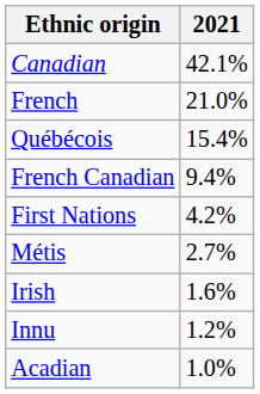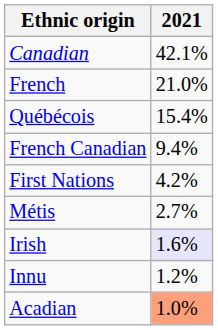 <table class="wikitable" style="float:left;">
 <tr>
 <th>Ethnic origin</th>
 <th>2021</th>
 </tr>
 <tr>
 <td><em><a href='#'>Canadian</a></em></td>
 <td>42.1%</td>
 </tr>
 <tr>
 <td><a href='#'>French</a></td>
 <td>21.0%</td>
 </tr>
 <tr>
 <td><a href='#'>Québécois</a></td>
 <td>15.4%</td>
 </tr>
 <tr>
 <td><a href='#'>French Canadian</a></td>
 <td>9.4%</td>
 </tr>
 <tr>
 <td><a href='#'>First Nations</a></td>
 <td>4.2%</td>
 </tr>
 <tr>
 <td><a href='#'>Métis</a></td>
 <td>2.7%</td>
 </tr>
 <tr>
 <td><a href='#'>Irish</a></td>
-<td>1.6%</td>
+<td style="background: lavender;">1.6%</td>
 </tr>
 <tr>
 <td><a href='#'>Innu</a></td>
 <td>1.2%</td>
 </tr>
 <tr>
 <td><a href='#'>Acadian</a></td>
-<td>1.0%</td>
+<td style="background: lightsalmon;">1.0%</td>
 </tr>
 </table>
